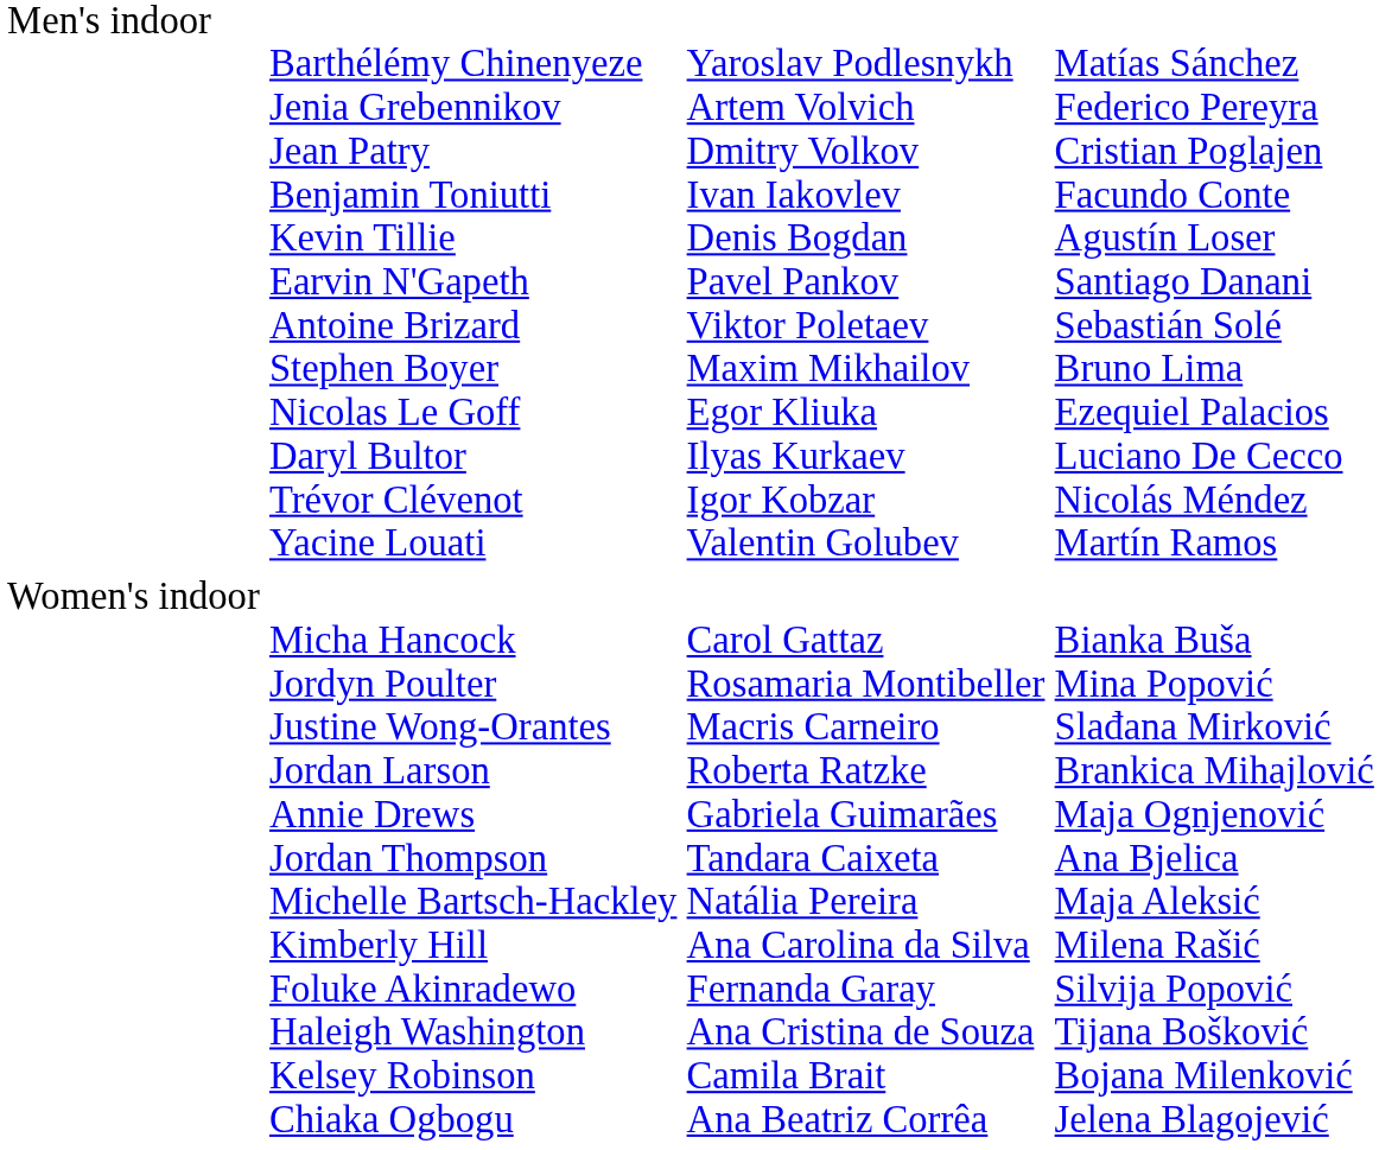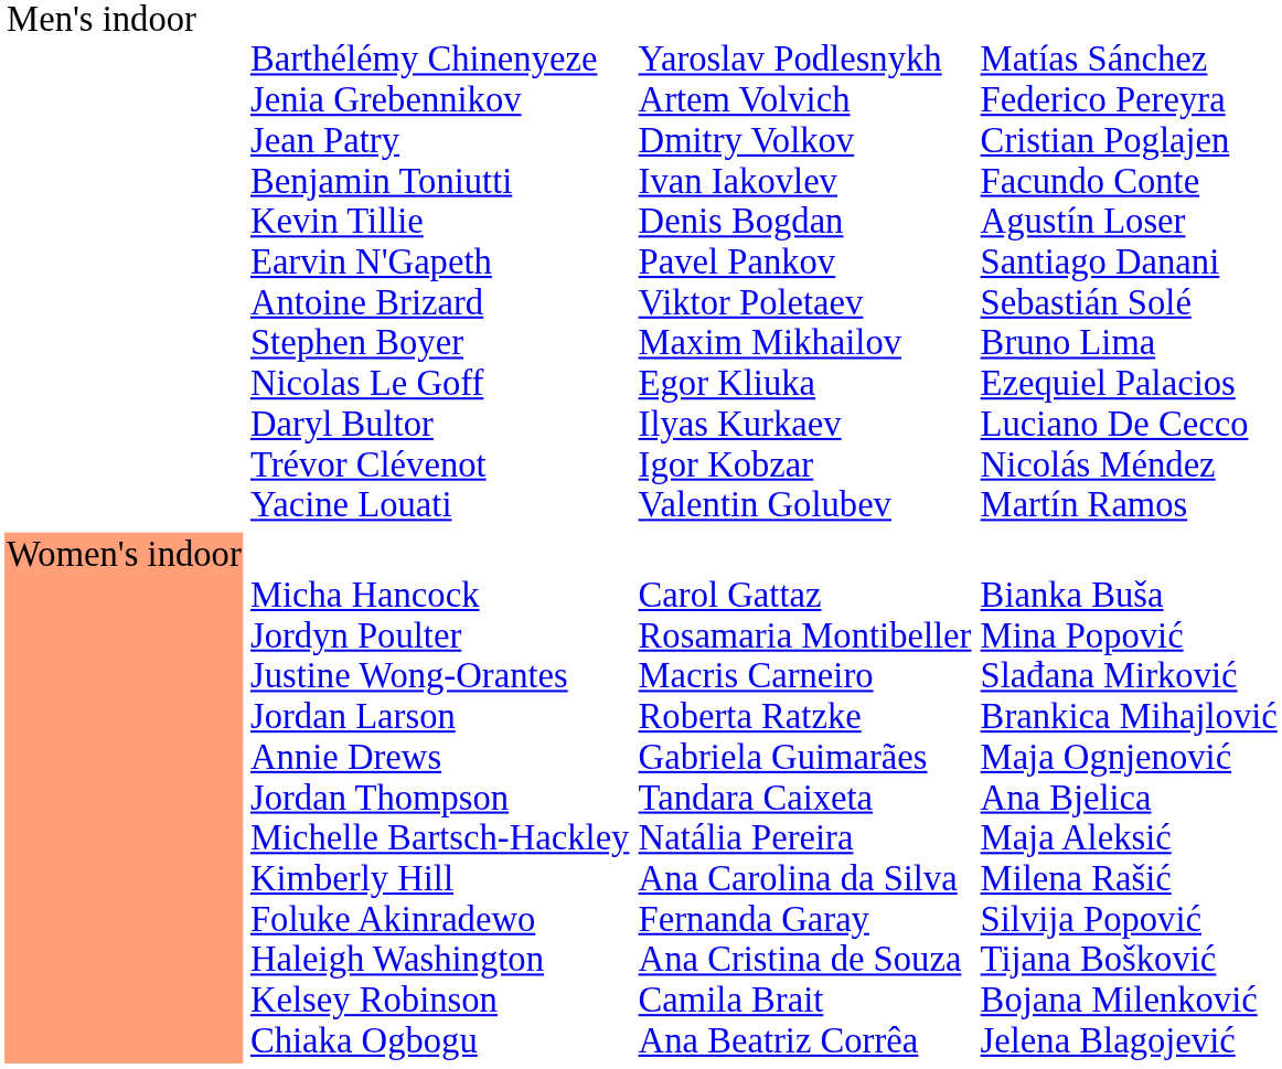 <table>
 <tr valign="top">
 <td>Men's indoor<br></td>
 <td><br><a href='#'>Barthélémy Chinenyeze</a><br><a href='#'>Jenia Grebennikov</a><br><a href='#'>Jean Patry</a><br><a href='#'>Benjamin Toniutti</a><br><a href='#'>Kevin Tillie</a><br><a href='#'>Earvin N'Gapeth</a><br><a href='#'>Antoine Brizard</a><br><a href='#'>Stephen Boyer</a><br><a href='#'>Nicolas Le Goff</a><br><a href='#'>Daryl Bultor</a><br><a href='#'>Trévor Clévenot</a><br><a href='#'>Yacine Louati</a></td>
 <td><br><a href='#'>Yaroslav Podlesnykh</a><br><a href='#'>Artem Volvich</a><br><a href='#'>Dmitry Volkov</a><br><a href='#'>Ivan Iakovlev</a><br><a href='#'>Denis Bogdan</a><br><a href='#'>Pavel Pankov</a><br><a href='#'>Viktor Poletaev</a><br><a href='#'>Maxim Mikhailov</a><br><a href='#'>Egor Kliuka</a><br><a href='#'>Ilyas Kurkaev</a><br><a href='#'>Igor Kobzar</a><br><a href='#'>Valentin Golubev</a></td>
 <td><br><a href='#'>Matías Sánchez</a><br><a href='#'>Federico Pereyra</a><br><a href='#'>Cristian Poglajen</a><br><a href='#'>Facundo Conte</a><br><a href='#'>Agustín Loser</a><br><a href='#'>Santiago Danani</a><br><a href='#'>Sebastián Solé</a><br><a href='#'>Bruno Lima</a><br><a href='#'>Ezequiel Palacios</a><br><a href='#'>Luciano De Cecco</a><br><a href='#'>Nicolás Méndez</a><br><a href='#'>Martín Ramos</a><br></td>
 </tr>
 <tr valign="top">
-<td>Women's indoor<br></td>
+<td style="background: lightsalmon;">Women's indoor<br></td>
 <td><br><a href='#'>Micha Hancock</a><br><a href='#'>Jordyn Poulter</a><br><a href='#'>Justine Wong-Orantes</a><br><a href='#'>Jordan Larson</a><br><a href='#'>Annie Drews</a><br><a href='#'>Jordan Thompson</a><br><a href='#'>Michelle Bartsch-Hackley</a><br><a href='#'>Kimberly Hill</a><br><a href='#'>Foluke Akinradewo</a><br><a href='#'>Haleigh Washington</a><br><a href='#'>Kelsey Robinson</a><br><a href='#'>Chiaka Ogbogu</a></td>
 <td><br><a href='#'>Carol Gattaz</a><br><a href='#'>Rosamaria Montibeller</a><br><a href='#'>Macris Carneiro</a><br><a href='#'>Roberta Ratzke</a><br><a href='#'>Gabriela Guimarães</a><br><a href='#'>Tandara Caixeta</a><br><a href='#'>Natália Pereira</a><br><a href='#'>Ana Carolina da Silva</a><br><a href='#'>Fernanda Garay</a><br><a href='#'>Ana Cristina de Souza</a><br><a href='#'>Camila Brait</a><br><a href='#'>Ana Beatriz Corrêa</a></td>
 <td><br><a href='#'>Bianka Buša</a><br><a href='#'>Mina Popović</a><br><a href='#'>Slađana Mirković</a><br><a href='#'>Brankica Mihajlović</a><br><a href='#'>Maja Ognjenović</a><br><a href='#'>Ana Bjelica</a><br><a href='#'>Maja Aleksić</a><br><a href='#'>Milena Rašić</a><br><a href='#'>Silvija Popović</a><br><a href='#'>Tijana Bošković</a><br><a href='#'>Bojana Milenković</a><br><a href='#'>Jelena Blagojević</a></td>
 </tr>
 </table>
